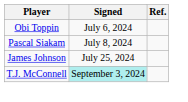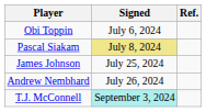 <table class="wikitable sortable sortable" style="text-align: center">
 <tr>
 <th>Player</th>
 <th>Signed</th>
 <th>Ref.</th>
 </tr>
 <tr>
 <td><a href='#'>Obi Toppin</a></td>
 <td>July 6, 2024</td>
 <td></td>
 </tr>
 <tr>
 <td><a href='#'>Pascal Siakam</a></td>
-<td>July 8, 2024</td>
+<td style="background: khaki;">July 8, 2024</td>
 <td></td>
 </tr>
 <tr>
 <td><a href='#'>James Johnson</a></td>
 <td>July 25, 2024</td>
 <td></td>
 </tr>
 <tr>
+<td><a href='#'>Andrew Nembhard</a></td>
+<td>July 26, 2024</td>
+<td></td>
+</tr>
+<tr>
 <td><a href='#'>T.J. McConnell</a></td>
 <td style="background: paleturquoise;">September 3, 2024</td>
 <td></td>
 </tr>
 </table>
